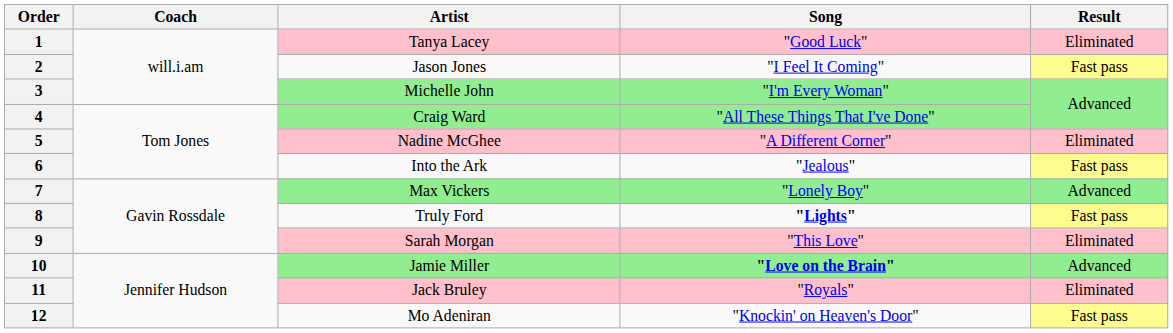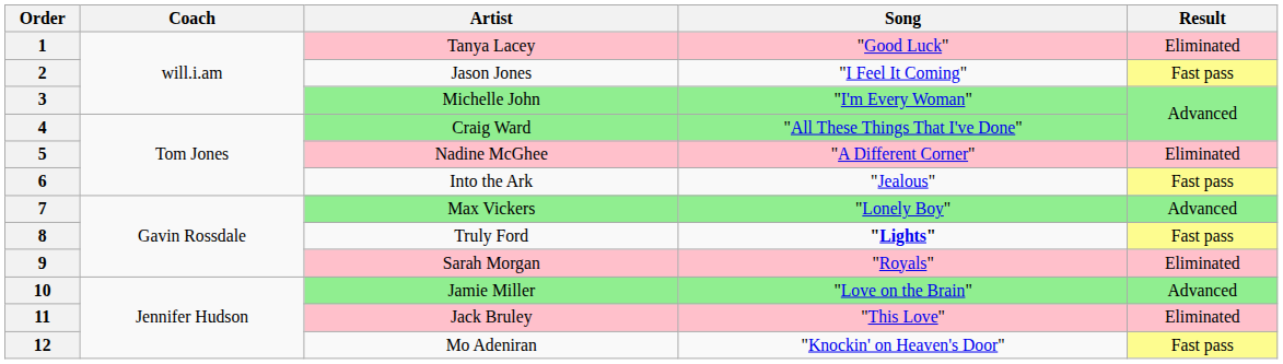 <table class="wikitable" style="text-align:center; width:75%;">
 <tr>
 <th scope="col" style="width:05%;">Order</th>
 <th scope="col" style="width:15%;">Coach</th>
 <th scope="col" style="width:25%;">Artist</th>
 <th scope="col" style="width:30%;">Song</th>
 <th scope="col" style="width:10%;">Result</th>
 </tr>
 <tr>
 <th scope="col">1</th>
 <td rowspan="3">will.i.am</td>
 <td style="background:pink;">Tanya Lacey</td>
 <td style="background:pink;">"<a href='#'>Good Luck</a>"</td>
 <td style="background:pink;">Eliminated</td>
 </tr>
 <tr>
 <th scope="col">2</th>
 <td>Jason Jones</td>
 <td>"<a href='#'>I Feel It Coming</a>"</td>
 <td style="background:#fdfc8f;">Fast pass</td>
 </tr>
 <tr>
 <th scope="col">3</th>
 <td style="background:lightgreen;">Michelle John</td>
 <td style="background:lightgreen;">"<a href='#'>I'm Every Woman</a>"</td>
 <td rowspan="2" style="background:lightgreen;">Advanced</td>
 </tr>
 <tr>
 <th scope="col">4</th>
 <td rowspan="3">Tom Jones</td>
 <td style="background:lightgreen;">Craig Ward</td>
 <td style="background:lightgreen;">"<a href='#'>All These Things That I've Done</a>"</td>
 </tr>
 <tr>
 <th scope="col">5</th>
 <td style="background:pink;">Nadine McGhee</td>
 <td style="background:pink;">"<a href='#'>A Different Corner</a>"</td>
 <td style="background:pink;">Eliminated</td>
 </tr>
 <tr>
 <th scope="col">6</th>
 <td>Into the Ark</td>
 <td>"<a href='#'>Jealous</a>"</td>
 <td style="background:#fdfc8f;">Fast pass</td>
 </tr>
 <tr>
 <th scope="col">7</th>
 <td rowspan="3">Gavin Rossdale</td>
 <td style="background:lightgreen;">Max Vickers</td>
 <td style="background:lightgreen;">"<a href='#'>Lonely Boy</a>"</td>
 <td style="background:lightgreen;">Advanced</td>
 </tr>
 <tr>
 <th scope="col">8</th>
 <td>Truly Ford</td>
 <td><strong>"<a href='#'>Lights</a>"</strong></td>
 <td style="background:#fdfc8f;">Fast pass</td>
 </tr>
 <tr>
 <th scope="col">9</th>
 <td style="background:pink;">Sarah Morgan</td>
-<td style="background:pink;">"<a href='#'>This Love</a>"</td>
+<td style="background:pink;">"<a href='#'>Royals</a>"</td>
 <td style="background:pink;">Eliminated</td>
 </tr>
 <tr>
 <th scope="col">10</th>
 <td rowspan="3">Jennifer Hudson</td>
 <td style="background:lightgreen;">Jamie Miller</td>
-<td style="background:lightgreen;"><strong>"<a href='#'>Love on the Brain</a>"</strong></td>
+<td style="background:lightgreen;">"<a href='#'>Love on the Brain</a>"</td>
 <td style="background:lightgreen;">Advanced</td>
 </tr>
 <tr>
 <th scope="col">11</th>
 <td style="background:pink;">Jack Bruley</td>
-<td style="background:pink;">"<a href='#'>Royals</a>"</td>
+<td style="background:pink;">"<a href='#'>This Love</a>"</td>
 <td style="background:pink;">Eliminated</td>
 </tr>
 <tr>
 <th scope="col">12</th>
 <td>Mo Adeniran</td>
 <td>"<a href='#'>Knockin' on Heaven's Door</a>"</td>
 <td style="background:#fdfc8f;">Fast pass</td>
 </tr>
 </table>
